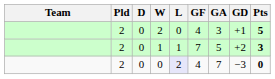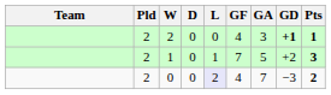 <table class="wikitable" style="text-align:center;">
 <tr>
 <th width=150>Team</th>
 <th width=20>Pld</th>
+<th width=20>W</th>
 <th width=20>D</th>
-<th width=20>W</th>
 <th width=20>L</th>
 <th width=20>GF</th>
 <th width=20>GA</th>
 <th width=20>GD</th>
 <th width=20>Pts</th>
 </tr>
 <tr align=center style="background:#ccffcc;">
 <td align="left"></td>
 <td>2</td>
+<td>2</td>
 <td>0</td>
-<td>2</td>
 <td>0</td>
 <td>4</td>
 <td>3</td>
-<td>+1</td>
-<td><strong>5</strong></td>
+<td><strong>+1</strong></td>
+<td><strong>1</strong></td>
 </tr>
 <tr align=center style="background:#ccffcc;">
 <td align="left"></td>
 <td>2</td>
+<td>1</td>
 <td>0</td>
-<td>1</td>
 <td>1</td>
 <td>7</td>
 <td>5</td>
 <td>+2</td>
 <td><strong>3</strong></td>
 </tr>
 <tr>
 <td align="left"></td>
 <td>2</td>
 <td>0</td>
 <td>0</td>
 <td style="background: lavender;">2</td>
 <td>4</td>
 <td>7</td>
 <td>−3</td>
-<td><strong>0</strong></td>
+<td><strong>2</strong></td>
 </tr>
 </table>
